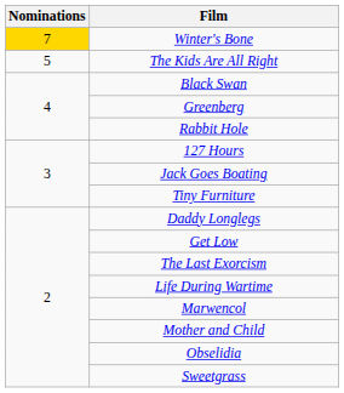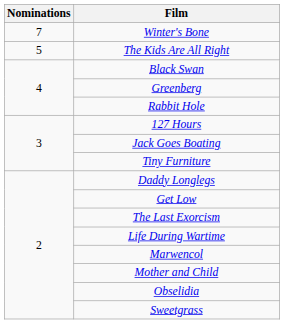 <table class="wikitable" rowspan=2 border=2 style="text-align:center;">
 <tr>
 <th scope="col" width="50">Nominations</th>
 <th scope="col" width="275">Film</th>
 </tr>
 <tr>
-<td style="background: gold; text-align:center;">7</td>
+<td style="text-align:center;">7</td>
 <td><em><a href='#'>Winter's Bone</a></em></td>
 </tr>
 <tr>
 <td style="text-align:center;">5</td>
 <td><em><a href='#'>The Kids Are All Right</a></em></td>
 </tr>
 <tr>
 <td rowspan="3" style="text-align:center;">4</td>
 <td><em><a href='#'>Black Swan</a></em></td>
 </tr>
 <tr>
 <td><em><a href='#'>Greenberg</a></em></td>
 </tr>
 <tr>
 <td><em><a href='#'>Rabbit Hole</a></em></td>
 </tr>
 <tr>
 <td rowspan="3" style="text-align:center;">3</td>
 <td><em><a href='#'>127 Hours</a></em></td>
 </tr>
 <tr>
 <td><em><a href='#'>Jack Goes Boating</a></em></td>
 </tr>
 <tr>
 <td><em><a href='#'>Tiny Furniture</a></em></td>
 </tr>
 <tr>
 <td rowspan="8" style="text-align:center;">2</td>
 <td><em><a href='#'>Daddy Longlegs</a></em></td>
 </tr>
 <tr>
 <td><em><a href='#'>Get Low</a></em></td>
 </tr>
 <tr>
 <td><em><a href='#'>The Last Exorcism</a></em></td>
 </tr>
 <tr>
 <td><em><a href='#'>Life During Wartime</a></em></td>
 </tr>
 <tr>
 <td><em><a href='#'>Marwencol</a></em></td>
 </tr>
 <tr>
 <td><em><a href='#'>Mother and Child</a></em></td>
 </tr>
 <tr>
 <td><em><a href='#'>Obselidia</a></em></td>
 </tr>
 <tr>
 <td><em><a href='#'>Sweetgrass</a></em></td>
 </tr>
 </table>
